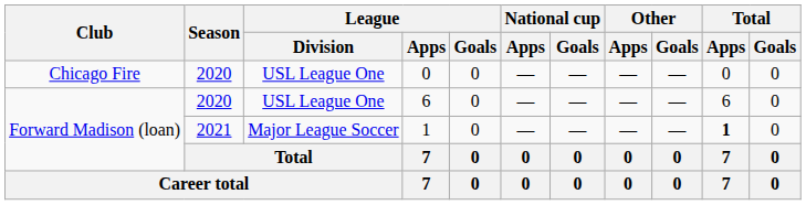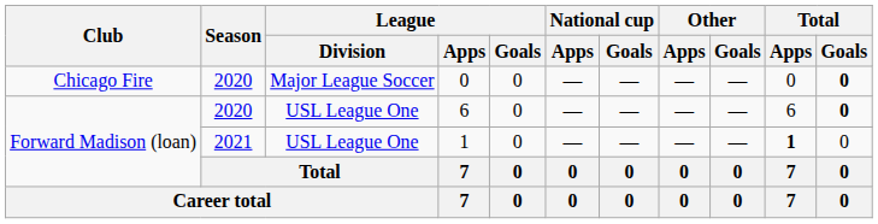 <table class=wikitable style=text-align:center>
 <tr>
 <th rowspan=2>Club</th>
 <th rowspan=2>Season</th>
 <th colspan=3>League</th>
 <th colspan=2>National cup</th>
 <th colspan=2>Other</th>
 <th colspan=2>Total</th>
 </tr>
 <tr>
 <th>Division</th>
 <th>Apps</th>
 <th>Goals</th>
 <th>Apps</th>
 <th>Goals</th>
 <th>Apps</th>
 <th>Goals</th>
 <th>Apps</th>
 <th>Goals</th>
 </tr>
 <tr>
 <td rowspan=1><a href='#'>Chicago Fire</a></td>
 <td><a href='#'>2020</a></td>
-<td><a href='#'>USL League One</a></td>
+<td><a href='#'>Major League Soccer</a></td>
 <td>0</td>
 <td>0</td>
 <td>—</td>
 <td>—</td>
 <td>—</td>
 <td>—</td>
 <td>0</td>
-<td>0</td>
+<td><strong>0</strong></td>
 </tr>
 <tr>
 <td rowspan=3><a href='#'>Forward Madison</a> (loan)</td>
 <td><a href='#'>2020</a></td>
 <td><a href='#'>USL League One</a></td>
 <td>6</td>
 <td>0</td>
 <td>—</td>
 <td>—</td>
 <td>—</td>
 <td>—</td>
 <td>6</td>
-<td>0</td>
+<td><strong>0</strong></td>
 </tr>
 <tr>
 <td><a href='#'>2021</a></td>
-<td><a href='#'>Major League Soccer</a></td>
+<td><a href='#'>USL League One</a></td>
 <td>1</td>
 <td>0</td>
 <td>—</td>
 <td>—</td>
 <td>—</td>
 <td>—</td>
 <td><strong>1</strong></td>
 <td>0</td>
 </tr>
 <tr>
 <th colspan=2>Total</th>
 <th>7</th>
 <th>0</th>
 <th>0</th>
 <th>0</th>
 <th>0</th>
 <th>0</th>
 <th>7</th>
 <th>0</th>
 </tr>
 <tr>
 <th colspan=3>Career total</th>
 <th>7</th>
 <th>0</th>
 <th>0</th>
 <th>0</th>
 <th>0</th>
 <th>0</th>
 <th>7</th>
 <th>0</th>
 </tr>
 </table>
